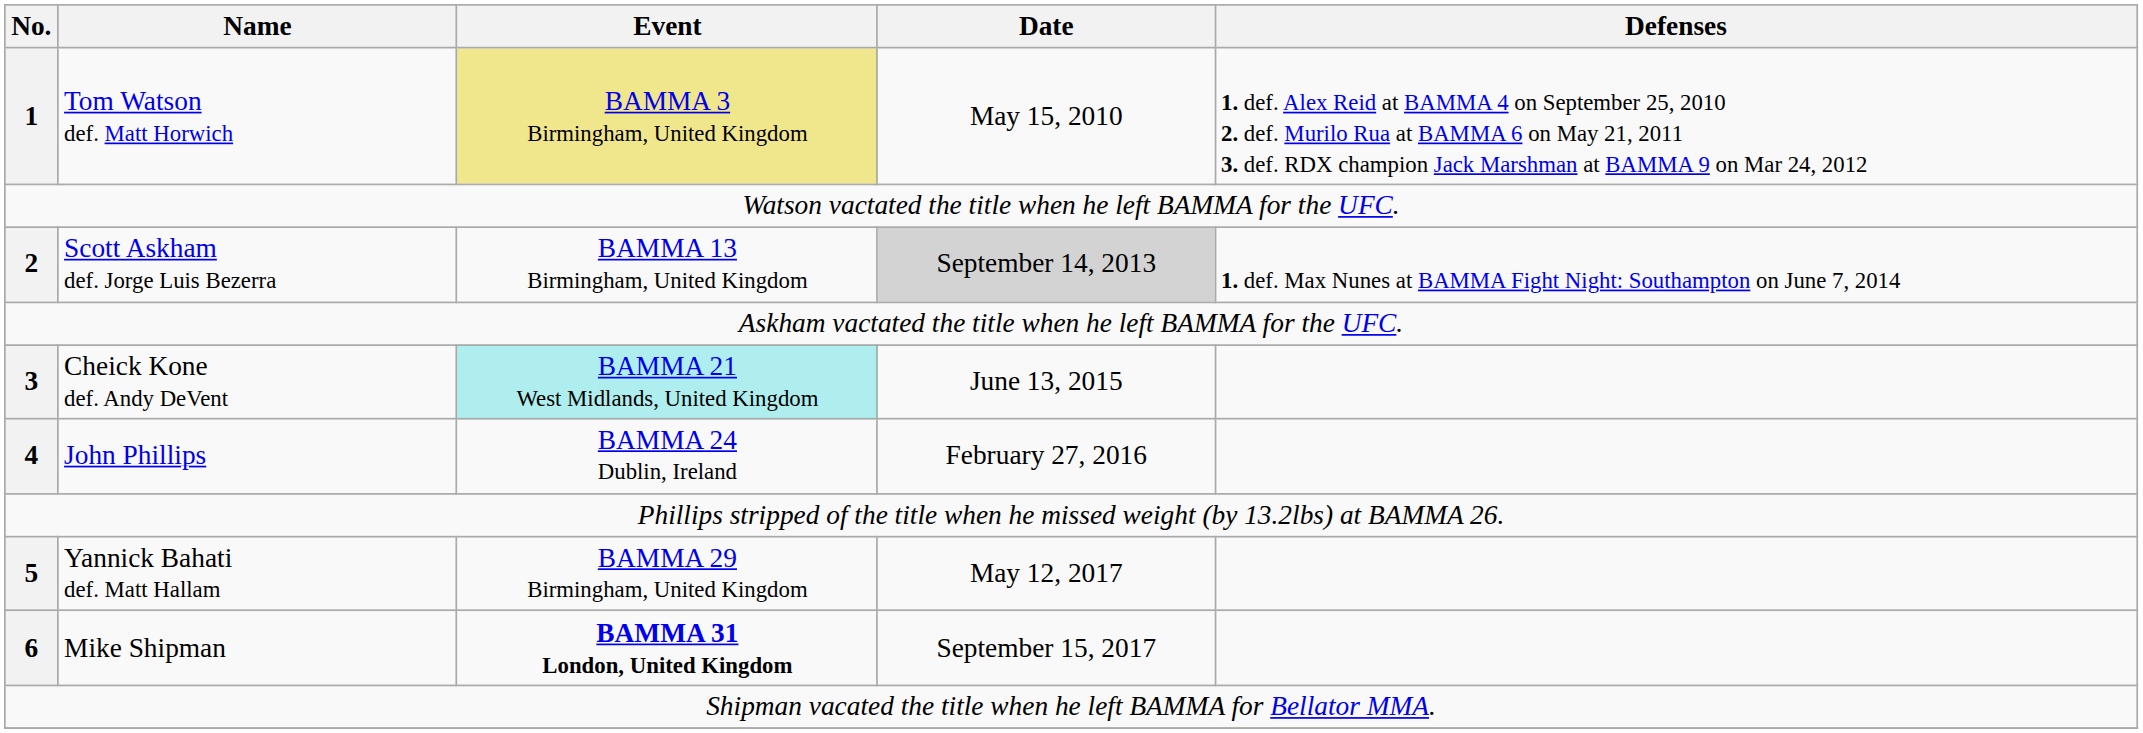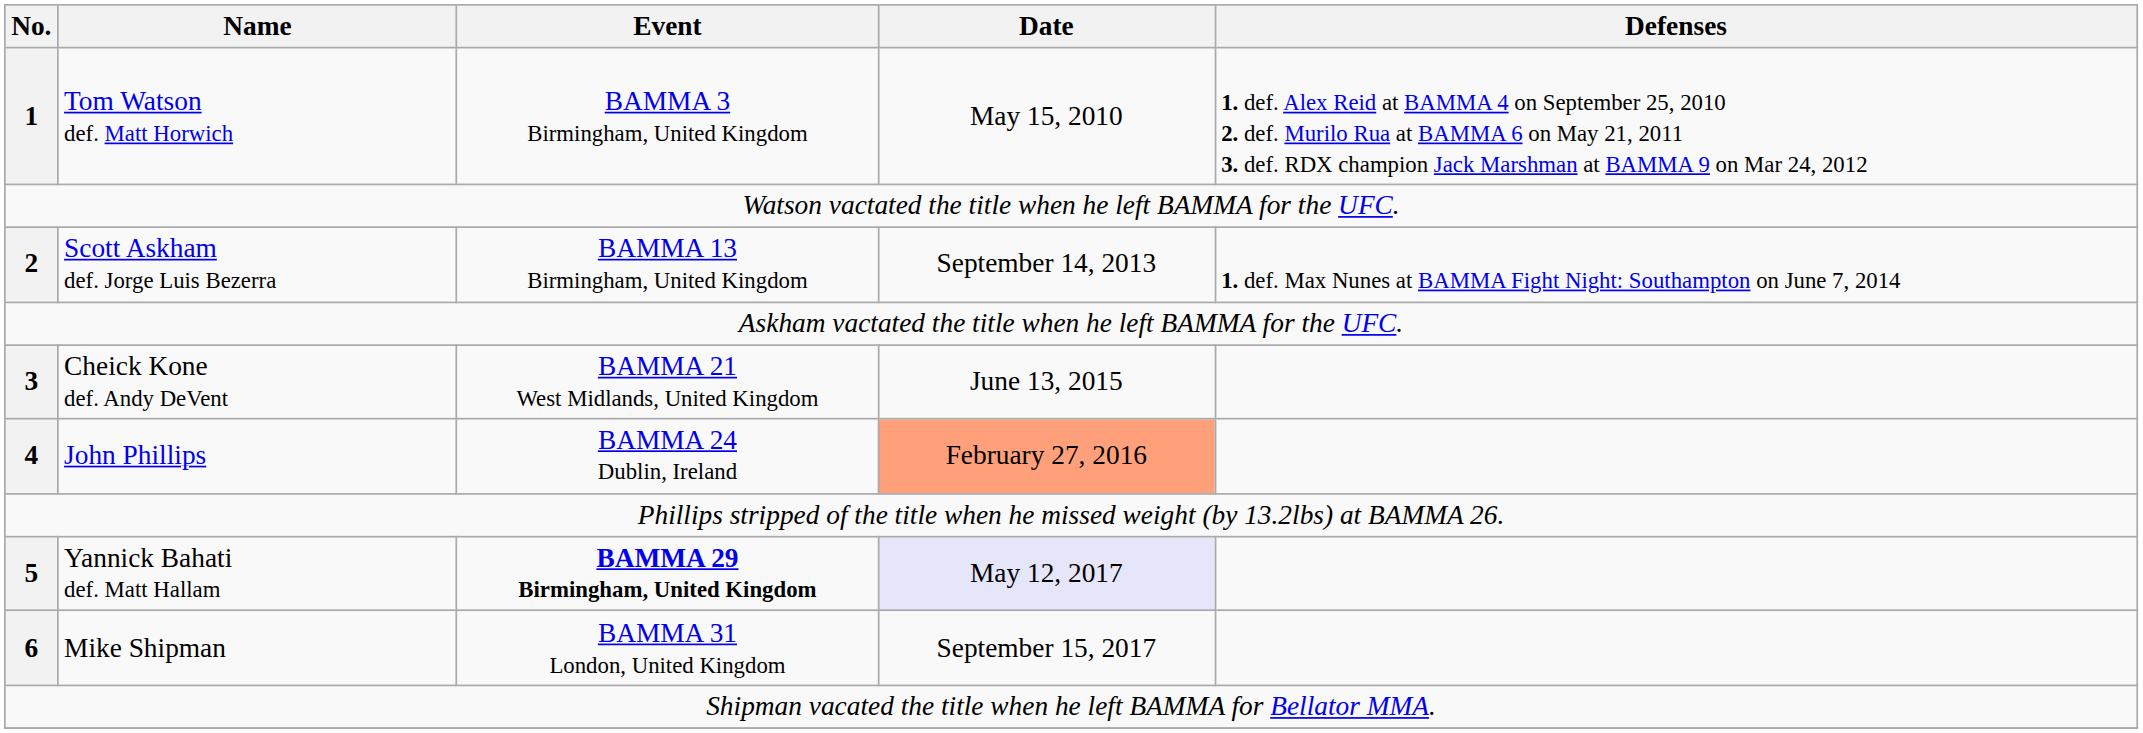 <table class="wikitable">
 <tr>
 <th width=1%>No.</th>
 <th width=19%>Name</th>
 <th width=20%>Event</th>
 <th width=16%>Date</th>
 <th width=44%>Defenses</th>
 </tr>
 <tr>
 <th>1</th>
 <td align=left> <a href='#'>Tom Watson</a><br><small>def. <a href='#'>Matt Horwich</a></small></td>
-<td align=center style="background: khaki;"><a href='#'>BAMMA 3</a><br><small>Birmingham, United Kingdom</small></td>
+<td align=center><a href='#'>BAMMA 3</a><br><small>Birmingham, United Kingdom</small></td>
 <td align=center>May 15, 2010</td>
 <td><br><small><strong>1.</strong> def. <a href='#'>Alex Reid</a> at <a href='#'>BAMMA 4</a> on September 25, 2010<br></small> <small><strong>2.</strong> def. <a href='#'>Murilo Rua</a> at <a href='#'>BAMMA 6</a> on May 21, 2011<br></small> <small><strong>3.</strong> def. RDX champion <a href='#'>Jack Marshman</a> at <a href='#'>BAMMA 9</a> on Mar 24, 2012<br></small></td>
 </tr>
 <tr>
 <td align="center" colspan="5"><em>Watson vactated the title when he left BAMMA for the <a href='#'>UFC</a>.</em></td>
 </tr>
 <tr>
 <th>2</th>
 <td align=left> <a href='#'>Scott Askham</a><br><small>def. Jorge Luis Bezerra</small></td>
 <td align=center><a href='#'>BAMMA 13</a><br><small>Birmingham, United Kingdom</small></td>
-<td align=center style="background: lightgrey;">September 14, 2013</td>
+<td align=center>September 14, 2013</td>
 <td><br><small><strong>1.</strong> def. Max Nunes at <a href='#'>BAMMA Fight Night: Southampton</a> on June 7, 2014<br></small></td>
 </tr>
 <tr>
 <td align="center" colspan="5"><em>Askham vactated the title when he left BAMMA for the <a href='#'>UFC</a>.</em></td>
 </tr>
 <tr>
 <th>3</th>
 <td align=left> Cheick Kone<br><small>def. Andy DeVent</small></td>
-<td align=center style="background: paleturquoise;"><a href='#'>BAMMA 21</a><br><small>West Midlands, United Kingdom</small></td>
+<td align=center><a href='#'>BAMMA 21</a><br><small>West Midlands, United Kingdom</small></td>
 <td align=center>June 13, 2015</td>
 <td></td>
 </tr>
 <tr>
 <th>4</th>
 <td align=left> <a href='#'>John Phillips</a></td>
 <td align=center><a href='#'>BAMMA 24</a><br><small>Dublin, Ireland</small></td>
-<td align=center>February 27, 2016</td>
+<td align=center style="background: lightsalmon;">February 27, 2016</td>
 <td></td>
 </tr>
 <tr>
 <td align="center" colspan="5"><em>Phillips stripped of the title when he missed weight (by 13.2lbs) at BAMMA 26.</em></td>
 </tr>
 <tr>
 <th>5</th>
 <td align=left> Yannick Bahati<br><small>def. Matt Hallam</small></td>
-<td align=center><a href='#'>BAMMA 29</a><br><small>Birmingham, United Kingdom</small></td>
-<td align=center>May 12, 2017</td>
+<td align=center><strong><a href='#'>BAMMA 29</a><br><small>Birmingham, United Kingdom</small></strong></td>
+<td align=center style="background: lavender;">May 12, 2017</td>
 <td></td>
 </tr>
 <tr>
 <th>6</th>
 <td align=left> Mike Shipman<br></td>
-<td align=center><strong><a href='#'>BAMMA 31</a><br><small>London, United Kingdom</small></strong></td>
+<td align=center><a href='#'>BAMMA 31</a><br><small>London, United Kingdom</small></td>
 <td align=center>September 15, 2017</td>
 <td></td>
 </tr>
 <tr>
 <td align="center" colspan="5"><em>Shipman vacated the title when he left BAMMA for <a href='#'>Bellator MMA</a>.</em></td>
 </tr>
 <tr>
 </tr>
 </table>
